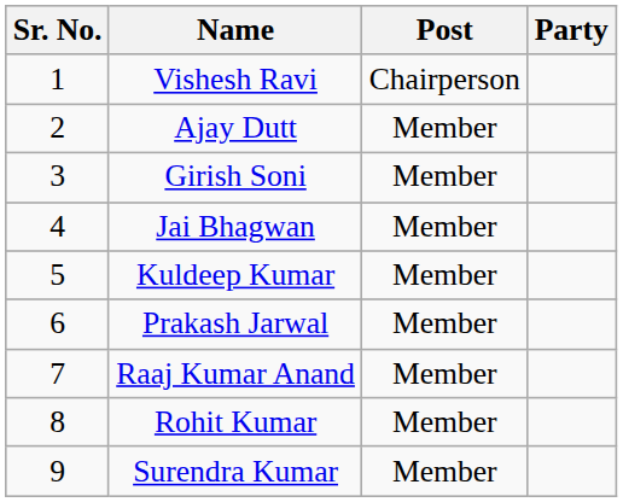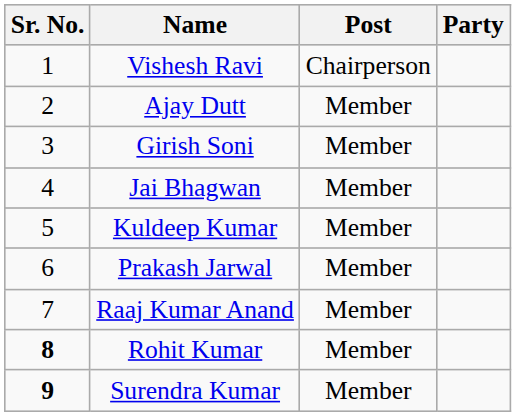 <table class="wikitable sortable">
 <tr>
 <th>Sr. No.</th>
 <th>Name</th>
 <th>Post</th>
 <th colspan="2">Party</th>
 </tr>
 <tr align="center">
 <td>1</td>
 <td><a href='#'>Vishesh Ravi</a></td>
 <td>Chairperson</td>
 <td></td>
 </tr>
 <tr align="center">
 <td>2</td>
 <td><a href='#'>Ajay Dutt</a></td>
 <td>Member</td>
 <td></td>
 </tr>
 <tr align="center">
 <td>3</td>
 <td><a href='#'>Girish Soni</a></td>
 <td>Member</td>
 <td></td>
 </tr>
 <tr align="center">
 <td>4</td>
 <td><a href='#'>Jai Bhagwan</a></td>
 <td>Member</td>
 <td></td>
 </tr>
 <tr align="center">
 <td>5</td>
 <td><a href='#'>Kuldeep Kumar</a></td>
 <td>Member</td>
 <td></td>
 </tr>
 <tr align="center">
 <td>6</td>
 <td><a href='#'>Prakash Jarwal</a></td>
 <td>Member</td>
 <td></td>
 </tr>
 <tr align="center">
 <td>7</td>
 <td><a href='#'>Raaj Kumar Anand</a></td>
 <td>Member</td>
 <td></td>
 </tr>
 <tr align="center">
-<td>8</td>
+<td><strong>8</strong></td>
 <td><a href='#'>Rohit Kumar</a></td>
 <td>Member</td>
 <td></td>
 </tr>
 <tr align="center">
-<td>9</td>
+<td><strong>9</strong></td>
 <td><a href='#'>Surendra Kumar</a></td>
 <td>Member</td>
 <td></td>
 </tr>
 </table>
